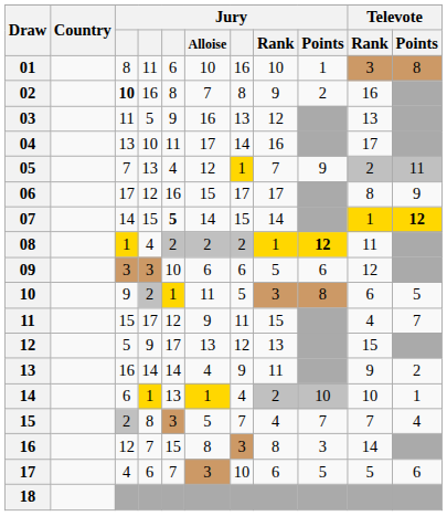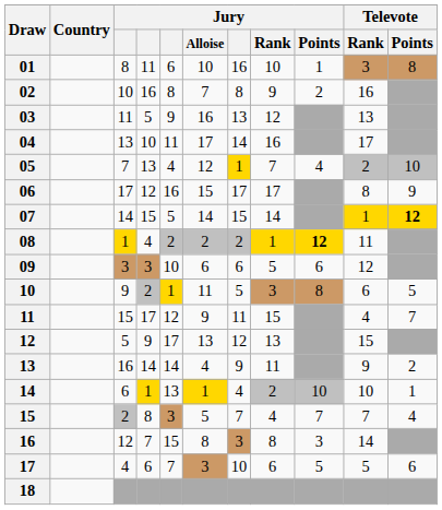 <table class="sortable wikitable collapsible plainrowheaders" style="text-align:center;">
 <tr>
 </tr>
 <tr>
 <th scope="col" rowspan="2">Draw</th>
 <th scope="col" rowspan="2">Country</th>
 <th scope="col" colspan="7">Jury</th>
 <th scope="col" colspan="2">Televote</th>
 </tr>
 <tr>
 <th scope="col"><small></small></th>
 <th scope="col"><small></small></th>
 <th scope="col"><small></small></th>
 <th scope="col"><small>Alloise</small></th>
 <th scope="col"><small></small></th>
 <th scope="col">Rank</th>
 <th scope="col">Points</th>
 <th scope="col">Rank</th>
 <th scope="col">Points</th>
 </tr>
 <tr>
 <th scope="row" style="text-align:center;">01</th>
 <td style="text-align:left;"></td>
 <td>8</td>
 <td>11</td>
 <td>6</td>
 <td>10</td>
 <td>16</td>
 <td>10</td>
 <td>1</td>
 <td style="background:#CC9966;">3</td>
 <td style="background:#CC9966;">8</td>
 </tr>
 <tr>
 <th scope="row" style="text-align:center;">02</th>
 <td style="text-align:left;"></td>
-<td><strong>10</strong></td>
+<td>10</td>
 <td>16</td>
 <td>8</td>
 <td>7</td>
 <td>8</td>
 <td>9</td>
 <td>2</td>
 <td>16</td>
 <td style="background:#AAAAAA;"></td>
 </tr>
 <tr>
 <th scope="row" style="text-align:center;">03</th>
 <td style="text-align:left;"></td>
 <td>11</td>
 <td>5</td>
 <td>9</td>
 <td>16</td>
 <td>13</td>
 <td>12</td>
 <td style="background:#AAAAAA;"></td>
 <td>13</td>
 <td style="background:#AAAAAA;"></td>
 </tr>
 <tr>
 <th scope="row" style="text-align:center;">04</th>
 <td style="text-align:left;"></td>
 <td>13</td>
 <td>10</td>
 <td>11</td>
 <td>17</td>
 <td>14</td>
 <td>16</td>
 <td style="background:#AAAAAA;"></td>
 <td>17</td>
 <td style="background:#AAAAAA;"></td>
 </tr>
 <tr>
 <th scope="row" style="text-align:center;">05</th>
 <td style="text-align:left;"></td>
 <td>7</td>
 <td>13</td>
 <td>4</td>
 <td>12</td>
 <td style="background:gold;">1</td>
 <td>7</td>
-<td>9</td>
+<td>4</td>
 <td style="background:silver;">2</td>
-<td style="background:silver;">11</td>
+<td style="background:silver;">10</td>
 </tr>
 <tr>
 <th scope="row" style="text-align:center;">06</th>
 <td style="text-align:left;"></td>
 <td>17</td>
 <td>12</td>
 <td>16</td>
 <td>15</td>
 <td>17</td>
 <td>17</td>
 <td style="background:#AAAAAA;"></td>
 <td>8</td>
 <td>9</td>
 </tr>
 <tr>
 <th scope="row" style="text-align:center;">07</th>
 <td style="text-align:left;"></td>
 <td>14</td>
 <td>15</td>
-<td><strong>5</strong></td>
+<td>5</td>
 <td>14</td>
 <td>15</td>
 <td>14</td>
 <td style="background:#AAAAAA;"></td>
 <td style="background:gold;">1</td>
 <td style="background:gold;"><strong>12</strong></td>
 </tr>
 <tr>
 <th scope="row" style="text-align:center;">08</th>
 <td style="text-align:left;"></td>
 <td style="background:gold;">1</td>
 <td>4</td>
 <td style="background:silver;">2</td>
 <td style="background:silver;">2</td>
 <td style="background:silver;">2</td>
 <td style="background:gold;">1</td>
 <td style="background:gold;"><strong>12</strong></td>
 <td>11</td>
 <td style="background:#AAAAAA;"></td>
 </tr>
 <tr>
 <th scope="row" style="text-align:center;">09</th>
 <td style="text-align:left;"></td>
 <td style="background:#CC9966;">3</td>
 <td style="background:#CC9966;">3</td>
 <td>10</td>
 <td>6</td>
 <td>6</td>
 <td>5</td>
 <td>6</td>
 <td>12</td>
 <td style="background:#AAAAAA;"></td>
 </tr>
 <tr>
 <th scope="row" style="text-align:center;">10</th>
 <td style="text-align:left;"></td>
 <td>9</td>
 <td style="background:silver;">2</td>
 <td style="background:gold;">1</td>
 <td>11</td>
 <td>5</td>
 <td style="background:#CC9966;">3</td>
 <td style="background:#CC9966;">8</td>
 <td>6</td>
 <td>5</td>
 </tr>
 <tr>
 <th scope="row" style="text-align:center;">11</th>
 <td style="text-align:left;"></td>
 <td>15</td>
 <td>17</td>
 <td>12</td>
 <td>9</td>
 <td>11</td>
 <td>15</td>
 <td style="background:#AAAAAA;"></td>
 <td>4</td>
 <td>7</td>
 </tr>
 <tr>
 <th scope="row" style="text-align:center;">12</th>
 <td style="text-align:left;"></td>
 <td>5</td>
 <td>9</td>
 <td>17</td>
 <td>13</td>
 <td>12</td>
 <td>13</td>
 <td style="background:#AAAAAA;"></td>
 <td>15</td>
 <td style="background:#AAAAAA;"></td>
 </tr>
 <tr>
 <th scope="row" style="text-align:center;">13</th>
 <td style="text-align:left;"></td>
 <td>16</td>
 <td>14</td>
 <td>14</td>
 <td>4</td>
 <td>9</td>
 <td>11</td>
 <td style="background:#AAAAAA;"></td>
 <td>9</td>
 <td>2</td>
 </tr>
 <tr>
 <th scope="row" style="text-align:center;">14</th>
 <td style="text-align:left;"></td>
 <td>6</td>
 <td style="background:gold;">1</td>
 <td>13</td>
 <td style="background:gold;">1</td>
 <td>4</td>
 <td style="background:silver;">2</td>
 <td style="background:silver;">10</td>
 <td>10</td>
 <td>1</td>
 </tr>
 <tr>
 <th scope="row" style="text-align:center;">15</th>
 <td style="text-align:left;"></td>
 <td style="background:silver;">2</td>
 <td>8</td>
 <td style="background:#CC9966;">3</td>
 <td>5</td>
 <td>7</td>
 <td>4</td>
 <td>7</td>
 <td>7</td>
 <td>4</td>
 </tr>
 <tr>
 <th scope="row" style="text-align:center;">16</th>
 <td style="text-align:left;"></td>
 <td>12</td>
 <td>7</td>
 <td>15</td>
 <td>8</td>
 <td style="background:#CC9966;">3</td>
 <td>8</td>
 <td>3</td>
 <td>14</td>
 <td style="background:#AAAAAA;"></td>
 </tr>
 <tr>
 <th scope="row" style="text-align:center;">17</th>
 <td style="text-align:left;"></td>
 <td>4</td>
 <td>6</td>
 <td>7</td>
 <td style="background:#CC9966;">3</td>
 <td>10</td>
 <td>6</td>
 <td>5</td>
 <td>5</td>
 <td>6</td>
 </tr>
 <tr class="sortbottom">
 <th scope="row" style="text-align:center;">18</th>
 <td style="text-align:left;"></td>
 <td style="background:#AAAAAA;"></td>
 <td style="background:#AAAAAA;"></td>
 <td style="background:#AAAAAA;"></td>
 <td style="background:#AAAAAA;"></td>
 <td style="background:#AAAAAA;"></td>
 <td style="background:#AAAAAA;"></td>
 <td style="background:#AAAAAA;"></td>
 <td style="background:#AAAAAA;"></td>
 <td style="background:#AAAAAA;"></td>
 </tr>
 </table>
